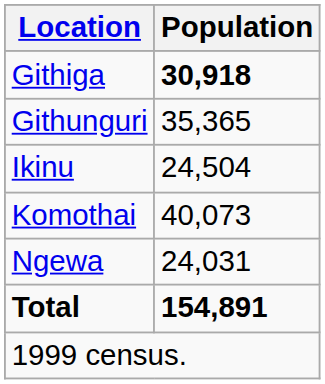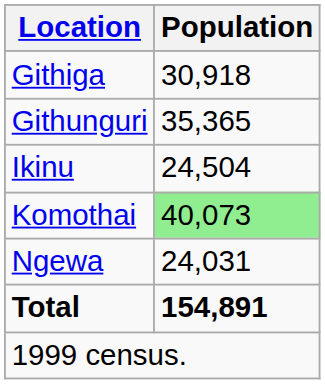 <table class="wikitable">
 <tr>
 <th><a href='#'>Location</a></th>
 <th>Population</th>
 </tr>
 <tr>
 <td><a href='#'>Githiga</a></td>
-<td><strong>30,918</strong></td>
+<td>30,918</td>
 </tr>
 <tr>
 <td><a href='#'>Githunguri</a></td>
 <td>35,365</td>
 </tr>
 <tr>
 <td><a href='#'>Ikinu</a></td>
 <td>24,504</td>
 </tr>
 <tr>
 <td><a href='#'>Komothai</a></td>
-<td>40,073</td>
+<td style="background: lightgreen;">40,073</td>
 </tr>
 <tr>
 <td><a href='#'>Ngewa</a></td>
 <td>24,031</td>
 </tr>
 <tr>
 <td><strong>Total</strong></td>
 <td><strong>154,891</strong></td>
 </tr>
 <tr>
 <td colspan="2">1999 census.</td>
 </tr>
 </table>
